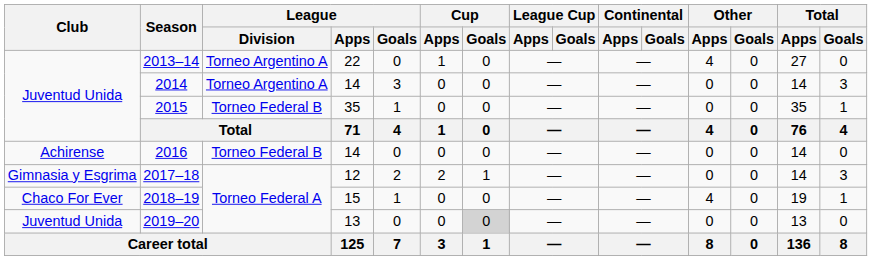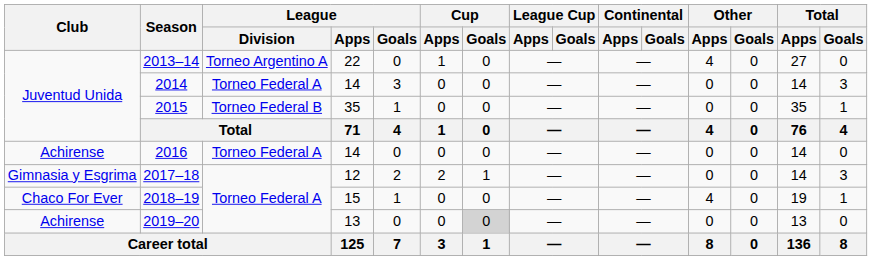 <table class="wikitable" style="text-align:center">
 <tr>
 <th rowspan="2">Club</th>
 <th rowspan="2">Season</th>
 <th colspan="3">League</th>
 <th colspan="2">Cup</th>
 <th colspan="2">League Cup</th>
 <th colspan="2">Continental</th>
 <th colspan="2">Other</th>
 <th colspan="2">Total</th>
 </tr>
 <tr>
 <th>Division</th>
 <th>Apps</th>
 <th>Goals</th>
 <th>Apps</th>
 <th>Goals</th>
 <th>Apps</th>
 <th>Goals</th>
 <th>Apps</th>
 <th>Goals</th>
 <th>Apps</th>
 <th>Goals</th>
 <th>Apps</th>
 <th>Goals</th>
 </tr>
 <tr>
 <td rowspan="4"><a href='#'>Juventud Unida</a></td>
 <td><a href='#'>2013–14</a></td>
 <td rowspan="1"><a href='#'>Torneo Argentino A</a></td>
 <td>22</td>
 <td>0</td>
 <td>1</td>
 <td>0</td>
 <td colspan="2">—</td>
 <td colspan="2">—</td>
 <td>4</td>
 <td>0</td>
 <td>27</td>
 <td>0</td>
 </tr>
 <tr>
 <td><a href='#'>2014</a></td>
-<td rowspan="1"><a href='#'>Torneo Argentino A</a></td>
+<td rowspan="1"><a href='#'>Torneo Federal A</a></td>
 <td>14</td>
 <td>3</td>
 <td>0</td>
 <td>0</td>
 <td colspan="2">—</td>
 <td colspan="2">—</td>
 <td>0</td>
 <td>0</td>
 <td>14</td>
 <td>3</td>
 </tr>
 <tr>
 <td><a href='#'>2015</a></td>
 <td rowspan="1"><a href='#'>Torneo Federal B</a></td>
 <td>35</td>
 <td>1</td>
 <td>0</td>
 <td>0</td>
 <td colspan="2">—</td>
 <td colspan="2">—</td>
 <td>0</td>
 <td>0</td>
 <td>35</td>
 <td>1</td>
 </tr>
 <tr>
 <th colspan="2">Total</th>
 <th>71</th>
 <th>4</th>
 <th>1</th>
 <th>0</th>
 <th colspan="2">—</th>
 <th colspan="2">—</th>
 <th>4</th>
 <th>0</th>
 <th>76</th>
 <th>4</th>
 </tr>
 <tr>
 <td rowspan="1"><a href='#'>Achirense</a></td>
 <td><a href='#'>2016</a></td>
-<td rowspan="1"><a href='#'>Torneo Federal B</a></td>
+<td rowspan="1"><a href='#'>Torneo Federal A</a></td>
 <td>14</td>
 <td>0</td>
 <td>0</td>
 <td>0</td>
 <td colspan="2">—</td>
 <td colspan="2">—</td>
 <td>0</td>
 <td>0</td>
 <td>14</td>
 <td>0</td>
 </tr>
 <tr>
 <td rowspan="1"><a href='#'>Gimnasia y Esgrima</a></td>
 <td><a href='#'>2017–18</a></td>
 <td rowspan="3"><a href='#'>Torneo Federal A</a></td>
 <td>12</td>
 <td>2</td>
 <td>2</td>
 <td>1</td>
 <td colspan="2">—</td>
 <td colspan="2">—</td>
 <td>0</td>
 <td>0</td>
 <td>14</td>
 <td>3</td>
 </tr>
 <tr>
 <td rowspan="1"><a href='#'>Chaco For Ever</a></td>
 <td><a href='#'>2018–19</a></td>
 <td>15</td>
 <td>1</td>
 <td>0</td>
 <td>0</td>
 <td colspan="2">—</td>
 <td colspan="2">—</td>
 <td>4</td>
 <td>0</td>
 <td>19</td>
 <td>1</td>
 </tr>
 <tr>
-<td rowspan="1"><a href='#'>Juventud Unida</a></td>
+<td rowspan="1"><a href='#'>Achirense</a></td>
 <td><a href='#'>2019–20</a></td>
 <td>13</td>
 <td>0</td>
 <td>0</td>
 <td style="background: lightgrey;">0</td>
 <td colspan="2">—</td>
 <td colspan="2">—</td>
 <td>0</td>
 <td>0</td>
 <td>13</td>
 <td>0</td>
 </tr>
 <tr>
 <th colspan="3">Career total</th>
 <th>125</th>
 <th>7</th>
 <th>3</th>
 <th>1</th>
 <th colspan="2">—</th>
 <th colspan="2">—</th>
 <th>8</th>
 <th>0</th>
 <th>136</th>
 <th>8</th>
 </tr>
 </table>
